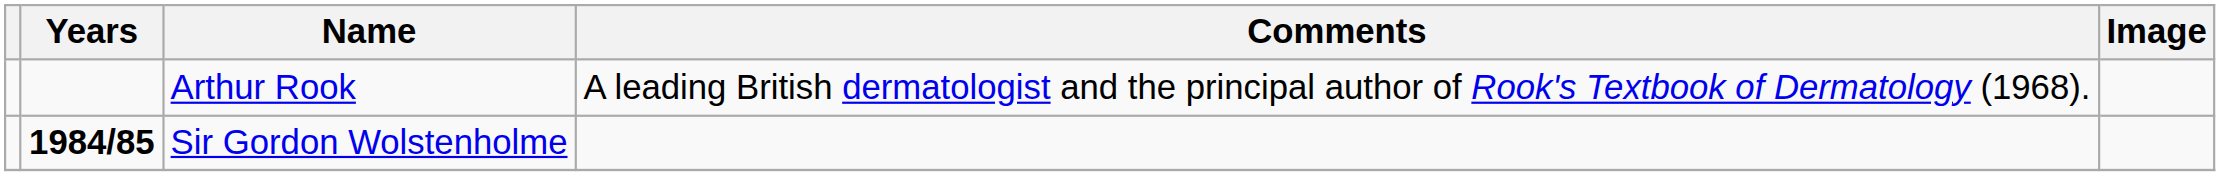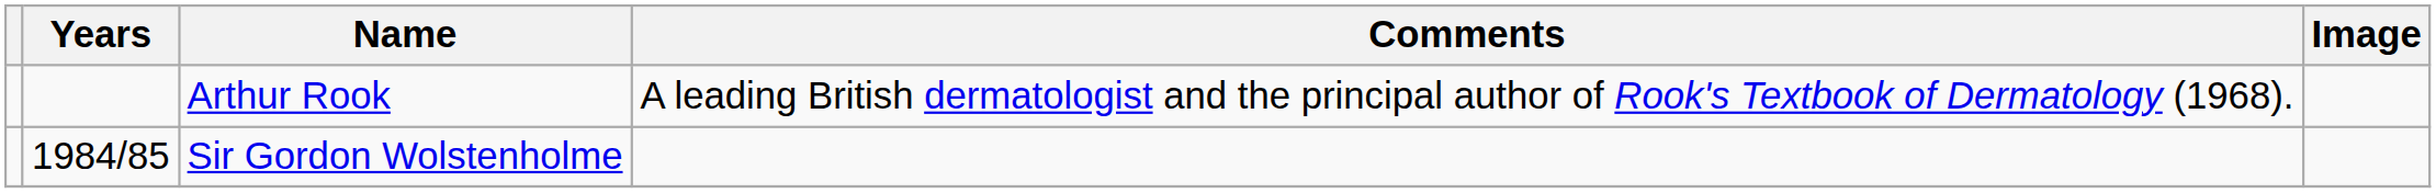 <table class="wikitable">
 <tr>
 <th></th>
 <th>Years</th>
 <th>Name</th>
 <th>Comments</th>
 <th>Image</th>
 </tr>
 <tr>
 <td></td>
 <td></td>
 <td><a href='#'>Arthur Rook</a></td>
 <td>A leading British <a href='#'>dermatologist</a> and the principal author of <em><a href='#'>Rook's Textbook of Dermatology</a></em> (1968).</td>
 <td></td>
 </tr>
 <tr>
 <td></td>
-<td><strong>1984/85</strong></td>
+<td>1984/85</td>
 <td><a href='#'>Sir Gordon Wolstenholme</a></td>
 <td></td>
 <td></td>
 </tr>
 <tr>
 </tr>
 </table>
